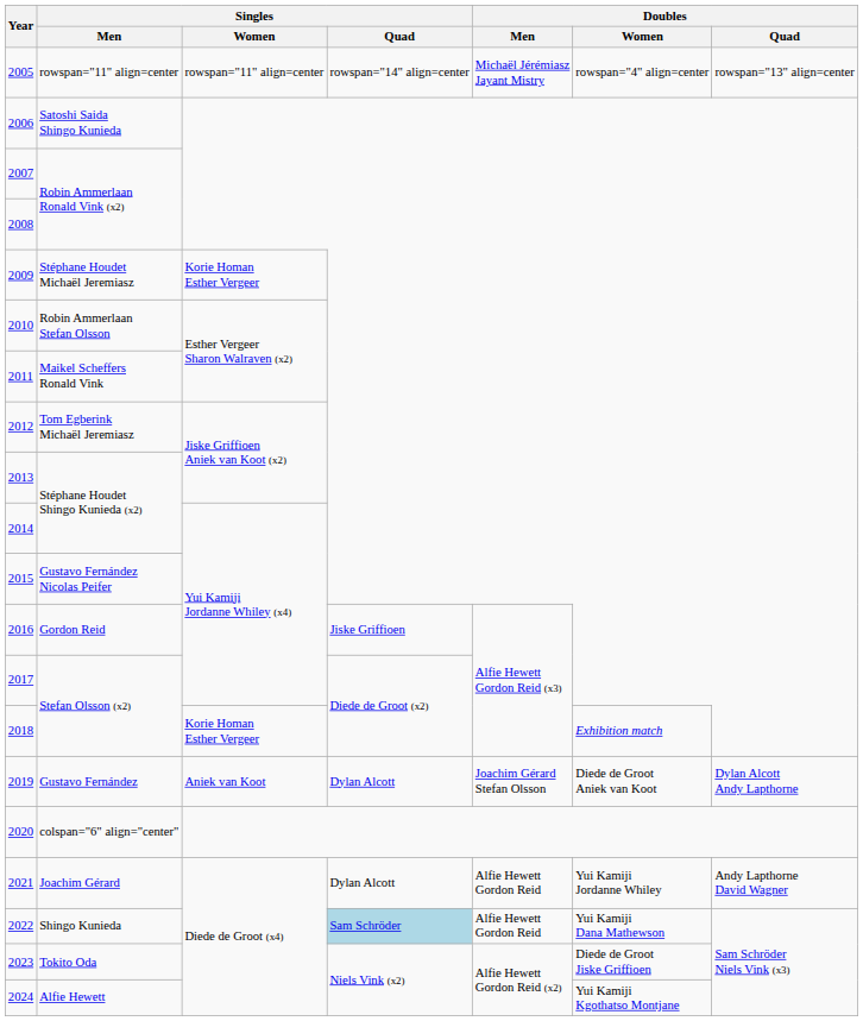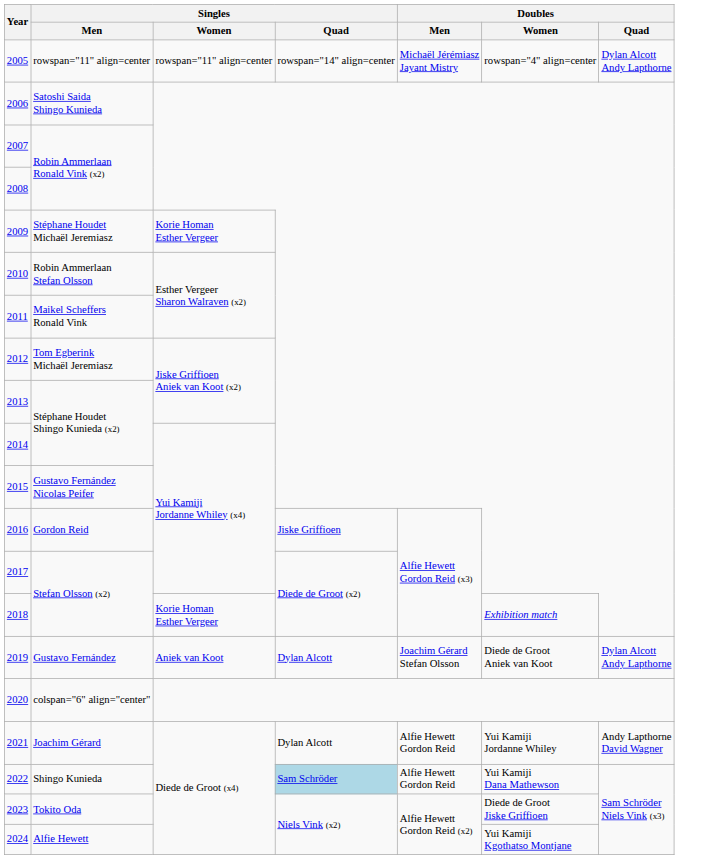 <table class="wikitable" style="font-size: 90%">
 <tr>
 <th rowspan="2">Year</th>
 <th colspan="3">Singles</th>
 <th colspan="3">Doubles</th>
 </tr>
 <tr>
 <th>Men</th>
 <th>Women</th>
 <th>Quad</th>
 <th>Men</th>
 <th>Women</th>
 <th>Quad</th>
 </tr>
 <tr style=height:4em>
 <td><a href='#'>2005</a></td>
 <td>rowspan="11" align=center </td>
 <td>rowspan="11" align=center </td>
 <td>rowspan="14" align=center </td>
 <td> <a href='#'>Michaël Jérémiasz</a><br> <a href='#'>Jayant Mistry</a></td>
 <td>rowspan="4" align=center </td>
-<td>rowspan="13" align=center </td>
+<td> <a href='#'>Dylan Alcott</a><br> <a href='#'>Andy Lapthorne</a></td>
 </tr>
 <tr style=height:4em>
 <td><a href='#'>2006</a></td>
 <td> <a href='#'>Satoshi Saida</a><br> <a href='#'>Shingo Kunieda</a></td>
 </tr>
 <tr style=height:4em>
 <td><a href='#'>2007</a></td>
 <td rowspan="2"> <a href='#'>Robin Ammerlaan</a><br> <a href='#'>Ronald Vink</a> <small>(x2)</small></td>
 </tr>
 <tr style=height:4em>
 <td><a href='#'>2008</a></td>
 </tr>
 <tr style=height:4em>
 <td><a href='#'>2009</a></td>
 <td> <a href='#'>Stéphane Houdet</a><br> Michaël Jeremiasz</td>
 <td> <a href='#'>Korie Homan</a><br> <a href='#'>Esther Vergeer</a></td>
 </tr>
 <tr style=height:4em>
 <td><a href='#'>2010</a></td>
 <td> Robin Ammerlaan<br> <a href='#'>Stefan Olsson</a></td>
 <td rowspan="2"> Esther Vergeer<br> <a href='#'>Sharon Walraven</a> <small>(x2)</small></td>
 </tr>
 <tr style=height:4em>
 <td><a href='#'>2011</a></td>
 <td> <a href='#'>Maikel Scheffers</a><br> Ronald Vink</td>
 </tr>
 <tr style=height:4em>
 <td><a href='#'>2012</a></td>
 <td> <a href='#'>Tom Egberink</a><br> Michaël Jeremiasz</td>
 <td rowspan="2"> <a href='#'>Jiske Griffioen</a><br> <a href='#'>Aniek van Koot</a> <small>(x2)</small></td>
 </tr>
 <tr style=height:4em>
 <td><a href='#'>2013</a></td>
 <td rowspan="2"> Stéphane Houdet<br> Shingo Kunieda <small>(x2)</small></td>
 </tr>
 <tr style=height:4em>
 <td><a href='#'>2014</a></td>
 <td rowspan="4"> <a href='#'>Yui Kamiji</a><br> <a href='#'>Jordanne Whiley</a> <small>(x4)</small></td>
 </tr>
 <tr style=height:4em>
 <td><a href='#'>2015</a></td>
 <td> <a href='#'>Gustavo Fernández</a><br> <a href='#'>Nicolas Peifer</a></td>
 </tr>
 <tr style=height:4em>
 <td><a href='#'>2016</a></td>
 <td> <a href='#'>Gordon Reid</a></td>
 <td> <a href='#'>Jiske Griffioen</a></td>
 <td rowspan="3"> <a href='#'>Alfie Hewett</a><br> <a href='#'>Gordon Reid</a> <small>(x3)</small></td>
 </tr>
 <tr style=height:4em>
 <td><a href='#'>2017</a></td>
 <td rowspan="2"> <a href='#'>Stefan Olsson</a> <small>(x2)</small></td>
 <td rowspan="2"> <a href='#'>Diede de Groot</a> <small>(x2)</small></td>
 </tr>
 <tr style=height:4em>
 <td><a href='#'>2018</a></td>
 <td> <a href='#'>Korie Homan</a><br> <a href='#'>Esther Vergeer</a></td>
 <td><em><a href='#'>Exhibition match</a></em></td>
 </tr>
 <tr style=height:4em>
 <td><a href='#'>2019</a></td>
 <td> <a href='#'>Gustavo Fernández</a></td>
 <td> <a href='#'>Aniek van Koot</a></td>
 <td> <a href='#'>Dylan Alcott</a></td>
 <td> <a href='#'>Joachim Gérard</a><br> Stefan Olsson</td>
 <td> Diede de Groot<br> Aniek van Koot</td>
 <td> <a href='#'>Dylan Alcott</a><br> <a href='#'>Andy Lapthorne</a></td>
 </tr>
 <tr style=height:4em>
 <td><a href='#'>2020</a></td>
 <td>colspan="6" align="center" </td>
 </tr>
 <tr style=height:4em>
 <td><a href='#'>2021</a></td>
 <td> <a href='#'>Joachim Gérard</a></td>
 <td rowspan="4"> Diede de Groot <small>(x4)</small></td>
 <td> Dylan Alcott</td>
 <td> Alfie Hewett<br> Gordon Reid</td>
 <td> Yui Kamiji<br> Jordanne Whiley</td>
 <td> Andy Lapthorne<br> <a href='#'>David Wagner</a></td>
 </tr>
 <tr styke=height:4em>
 <td><a href='#'>2022</a></td>
 <td> Shingo Kunieda</td>
 <td style="background: lightblue;"> <a href='#'>Sam Schröder</a></td>
 <td> Alfie Hewett<br> Gordon Reid</td>
 <td> Yui Kamiji<br> <a href='#'>Dana Mathewson</a></td>
 <td rowspan="3"> <a href='#'>Sam Schröder</a><br> <a href='#'>Niels Vink</a> <small>(x3)</small></td>
 </tr>
 <tr styke=height:4em>
 <td><a href='#'>2023</a></td>
 <td> <a href='#'>Tokito Oda</a></td>
 <td rowspan=2> <a href='#'>Niels Vink</a> <small>(x2)</small></td>
 <td rowspan=2> Alfie Hewett<br> Gordon Reid <small>(x2)</small></td>
 <td> Diede de Groot <br>  <a href='#'>Jiske Griffioen</a></td>
 </tr>
 <tr styke=height:4em>
 <td><a href='#'>2024</a></td>
 <td> <a href='#'>Alfie Hewett</a></td>
 <td> Yui Kamiji<br> <a href='#'>Kgothatso Montjane</a></td>
 </tr>
 </table>
